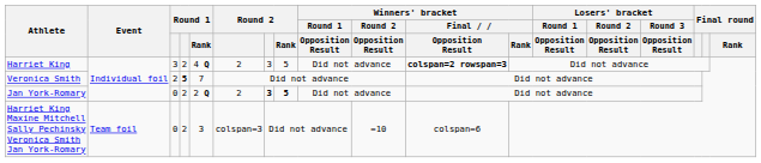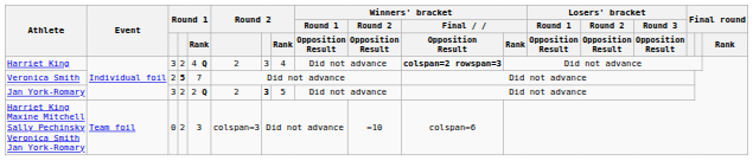 <table class=wikitable style=font-size:90%;text-align:center>
 <tr>
 <th rowspan=3>Athlete</th>
 <th rowspan=3>Event</th>
 <th colspan=3 rowspan=2>Round 1</th>
 <th colspan=3 rowspan=2>Round 2</th>
 <th colspan=4>Winners' bracket</th>
 <th colspan=3>Losers' bracket</th>
 <th colspan=3 rowspan=2>Final round</th>
 </tr>
 <tr style=font-size:95%>
 <th>Round 1</th>
 <th>Round 2</th>
 <th colspan=2>Final /  / </th>
 <th>Round 1</th>
 <th>Round 2</th>
 <th>Round 3</th>
 </tr>
 <tr style=font-size:95%>
 <th></th>
 <th></th>
 <th>Rank</th>
 <th></th>
 <th></th>
 <th>Rank</th>
 <th>Opposition<br>Result</th>
 <th>Opposition<br>Result</th>
 <th>Opposition<br>Result</th>
 <th>Rank</th>
 <th>Opposition<br>Result</th>
 <th>Opposition<br>Result</th>
 <th>Opposition<br>Result</th>
 <th></th>
 <th></th>
 <th>Rank</th>
 </tr>
 <tr>
 <td align=left><a href='#'>Harriet King</a></td>
 <td align=left rowspan=3><a href='#'>Individual foil</a></td>
 <td>3</td>
 <td>2</td>
 <td>4 <strong>Q</strong></td>
 <td>2</td>
 <td>3</td>
-<td>5</td>
+<td>4</td>
 <td colspan=2>Did not advance</td>
 <td><strong>colspan=2 rowspan=3 </strong></td>
 <td colspan=6>Did not advance</td>
 </tr>
 <tr>
 <td align=left><a href='#'>Veronica Smith</a></td>
 <td>2</td>
 <td><strong>5</strong></td>
 <td>7</td>
 <td colspan=5>Did not advance</td>
 <td colspan=6>Did not advance</td>
 </tr>
 <tr>
 <td align=left><a href='#'>Jan York-Romary</a></td>
-<td>0</td>
+<td>3</td>
 <td>2</td>
 <td>2 <strong>Q</strong></td>
 <td>2</td>
 <td><strong>3</strong></td>
-<td><strong>5</strong></td>
+<td>5</td>
 <td colspan=2>Did not advance</td>
 <td colspan=6>Did not advance</td>
 </tr>
 <tr>
 <td align=left><a href='#'>Harriet King</a><br><a href='#'>Maxine Mitchell</a><br><a href='#'>Sally Pechinsky</a><br><a href='#'>Veronica Smith</a><br><a href='#'>Jan York-Romary</a></td>
 <td align=left><a href='#'>Team foil</a></td>
 <td>0</td>
 <td>2</td>
 <td>3</td>
 <td>colspan=3 </td>
 <td colspan=3>Did not advance</td>
 <td>=10</td>
 <td>colspan=6 </td>
 </tr>
 </table>
